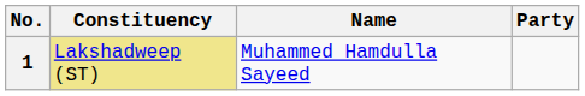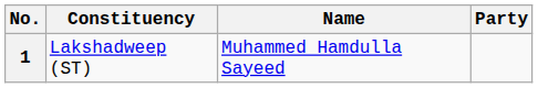 <table class="sortable wikitable">
 <tr>
 <th>No.</th>
 <th style="width:120px">Constituency</th>
 <th style="width:180px">Name</th>
 <th colspan="2">Party</th>
 </tr>
 <tr>
 <th>1</th>
-<td style="background: khaki;"><a href='#'>Lakshadweep</a> (ST)</td>
+<td><a href='#'>Lakshadweep</a> (ST)</td>
 <td><a href='#'>Muhammed Hamdulla Sayeed</a></td>
 <td></td>
 </tr>
 </table>
